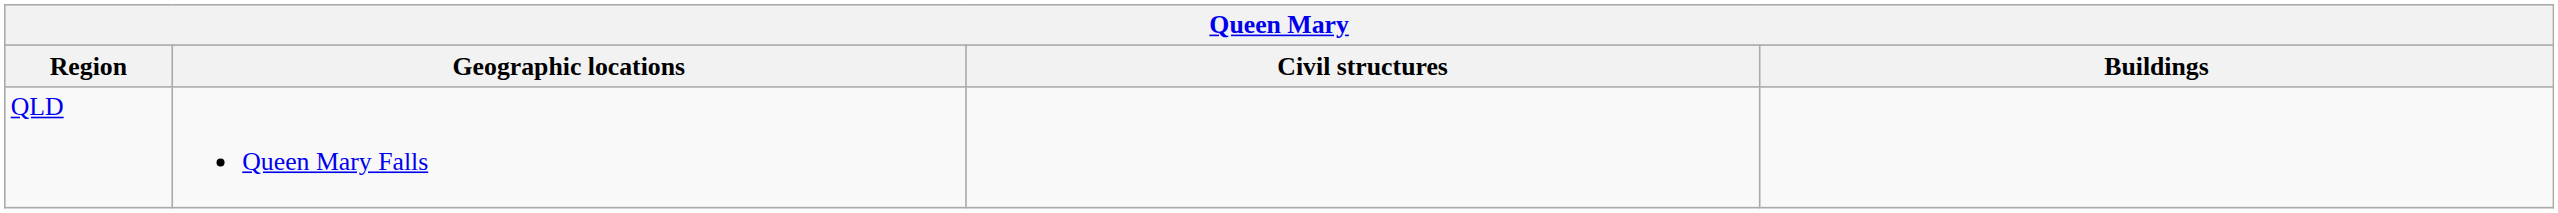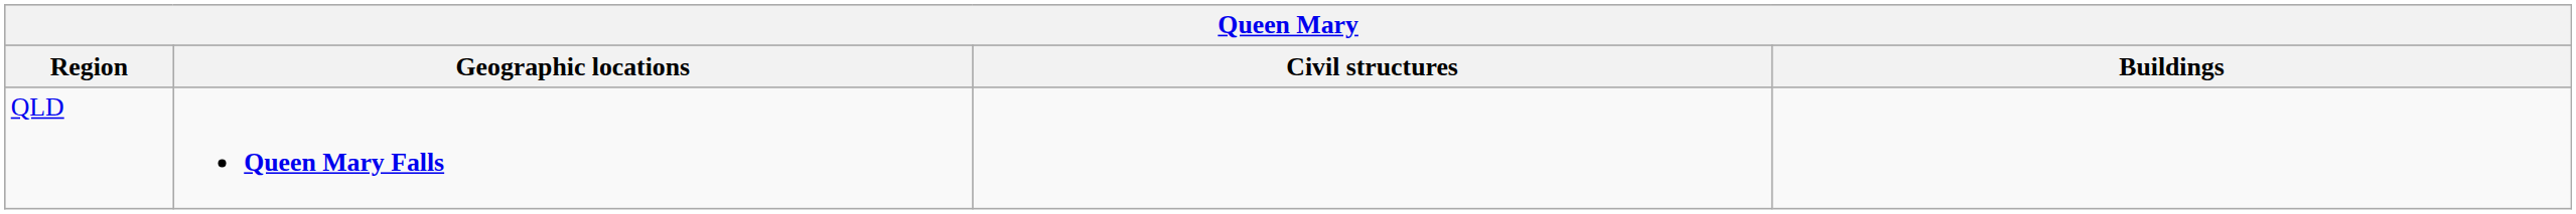 <table class="wikitable" width="100%">
 <tr>
 <th colspan="4"> <a href='#'>Queen Mary</a></th>
 </tr>
 <tr>
 <th width="5%">Region</th>
 <th width="23.75%">Geographic locations</th>
 <th width="23.75%">Civil structures</th>
 <th width="23.75%">Buildings</th>
 </tr>
 <tr>
 <td align=left valign=top> <a href='#'>QLD</a></td>
-<td><br><ul><li><a href='#'>Queen Mary Falls</a></li></ul></td>
+<td><strong><br><ul><li><a href='#'>Queen Mary Falls</a></li></ul></strong></td>
 <td></td>
 <td></td>
 </tr>
 </table>
